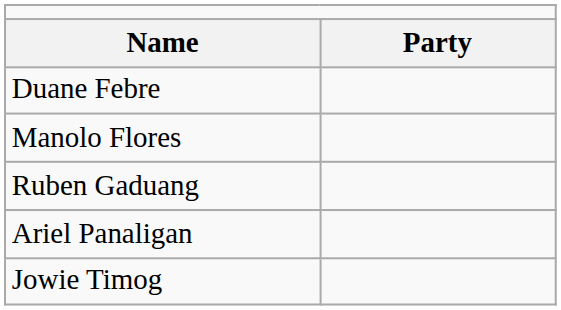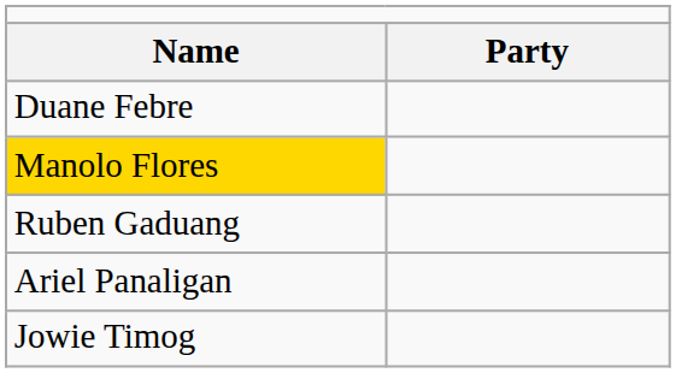 <table class=wikitable style="font-size:90%">
 <tr>
 <td colspan=4 bgcolor=></td>
 </tr>
 <tr>
 <th width=150px>Name</th>
 <th colspan=2 width=110px>Party</th>
 </tr>
 <tr>
 <td>Duane Febre</td>
 <td></td>
 </tr>
 <tr>
-<td>Manolo Flores</td>
+<td style="background: gold;">Manolo Flores</td>
 <td></td>
 </tr>
 <tr>
 <td>Ruben Gaduang</td>
 <td></td>
 </tr>
 <tr>
 <td>Ariel Panaligan</td>
 <td></td>
 </tr>
 <tr>
 <td>Jowie Timog</td>
 <td></td>
 </tr>
 </table>
